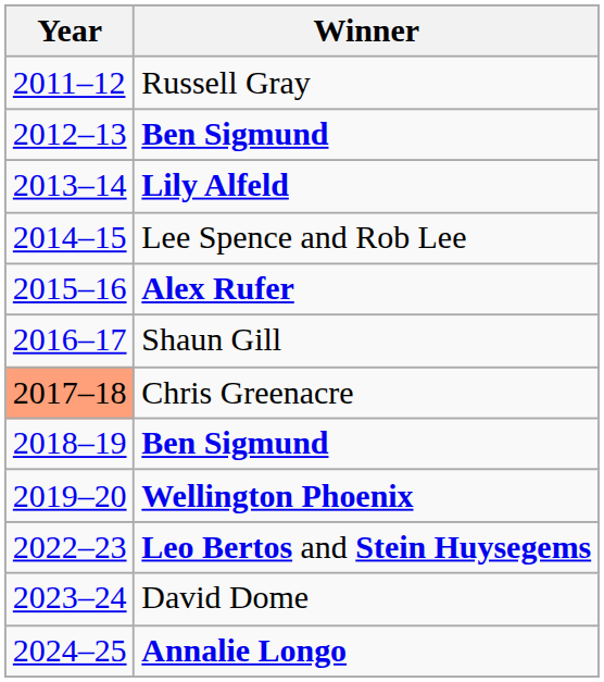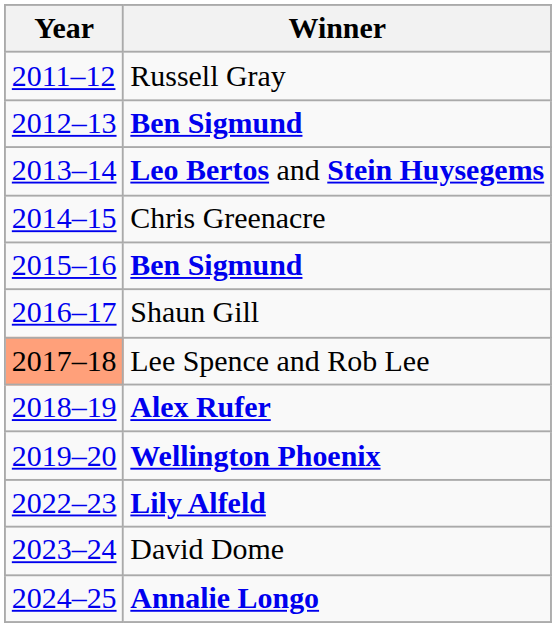 <table class="wikitable" border="1">
 <tr>
 <th>Year</th>
 <th>Winner</th>
 </tr>
 <tr>
 <td><a href='#'>2011–12</a></td>
 <td style="text-align:left;">Russell Gray</td>
 </tr>
 <tr>
 <td><a href='#'>2012–13</a></td>
 <td style="text-align:left;"><strong><a href='#'>Ben Sigmund</a></strong></td>
 </tr>
 <tr>
 <td><a href='#'>2013–14</a></td>
-<td style="text-align:left;"><strong><a href='#'>Lily Alfeld</a></strong></td>
+<td style="text-align:left;"><strong> <a href='#'>Leo Bertos</a> </strong> and <strong><a href='#'>Stein Huysegems</a> </strong></td>
 </tr>
 <tr>
 <td><a href='#'>2014–15</a></td>
-<td style="text-align:left;">Lee Spence and Rob Lee</td>
+<td>Chris Greenacre</td>
 </tr>
 <tr>
 <td><a href='#'>2015–16</a></td>
-<td style="text-align:left;"><strong><a href='#'>Alex Rufer</a></strong></td>
+<td style="text-align:left;"><strong><a href='#'>Ben Sigmund</a></strong></td>
 </tr>
 <tr>
 <td><a href='#'>2016–17</a></td>
 <td style="text-align:left;">Shaun Gill</td>
 </tr>
 <tr>
 <td style="background: lightsalmon;">2017–18</td>
-<td>Chris Greenacre</td>
+<td style="text-align:left;">Lee Spence and Rob Lee</td>
 </tr>
 <tr>
 <td><a href='#'>2018–19</a></td>
-<td style="text-align:left;"><strong><a href='#'>Ben Sigmund</a></strong></td>
+<td style="text-align:left;"><strong><a href='#'>Alex Rufer</a></strong></td>
 </tr>
 <tr>
 <td><a href='#'>2019–20</a></td>
 <td style="text-align:left;"><strong><a href='#'>Wellington Phoenix</a></strong></td>
 </tr>
 <tr>
 <td><a href='#'>2022–23</a></td>
-<td style="text-align:left;"><strong> <a href='#'>Leo Bertos</a> </strong> and <strong><a href='#'>Stein Huysegems</a> </strong></td>
+<td style="text-align:left;"><strong><a href='#'>Lily Alfeld</a></strong></td>
 </tr>
 <tr>
 <td><a href='#'>2023–24</a></td>
 <td>David Dome</td>
 </tr>
 <tr>
 <td><a href='#'>2024–25</a></td>
 <td><strong><a href='#'>Annalie Longo</a></strong></td>
 </tr>
 </table>
